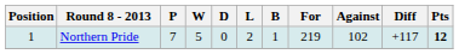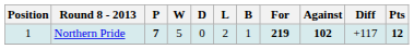 <table class="wikitable" style="text-align:center; font-size:85%;">
 <tr>
 <th width=40 abbr="Position">Position</th>
 <th width=100>Round 8 - 2013</th>
 <th width=20 abbr="Played">P</th>
 <th width=20 abbr="Won">W</th>
 <th width=20 abbr="Drawn">D</th>
 <th width=20 abbr="Lost">L</th>
 <th width=20 abbr="Bye">B</th>
 <th width=40 abbr="Points for">For</th>
 <th width=40 abbr="Points against">Against</th>
 <th width=40 abbr="Points difference">Diff</th>
 <th width=20 abbr="Points">Pts</th>
 </tr>
 <tr style="background: #d7ebed;">
 <td>1</td>
 <td style="text-align:left;"> <a href='#'>Northern Pride</a></td>
-<td>7</td>
+<td><strong>7</strong></td>
 <td>5</td>
 <td>0</td>
 <td>2</td>
 <td>1</td>
-<td>219</td>
-<td>102</td>
+<td><strong>219</strong></td>
+<td><strong>102</strong></td>
 <td>+117</td>
 <td><strong>12</strong></td>
 </tr>
 <tr>
 </tr>
 </table>
